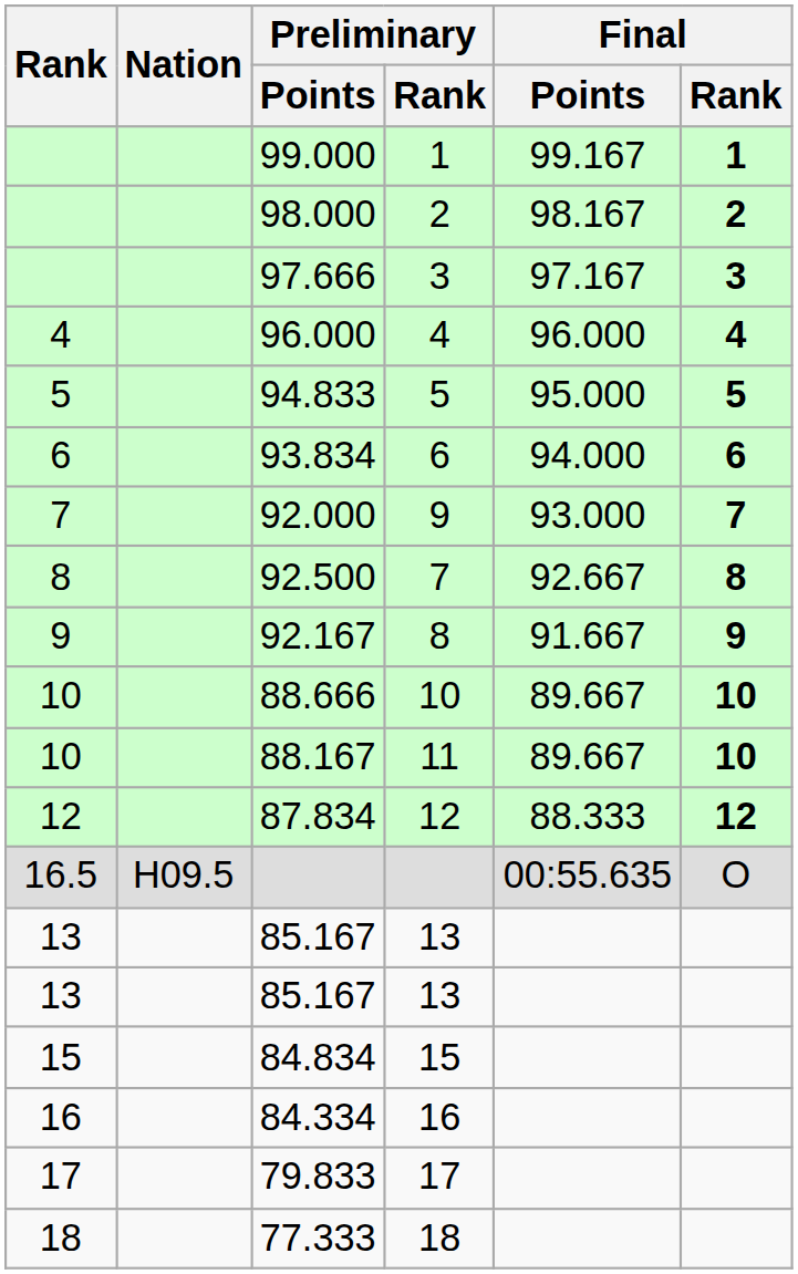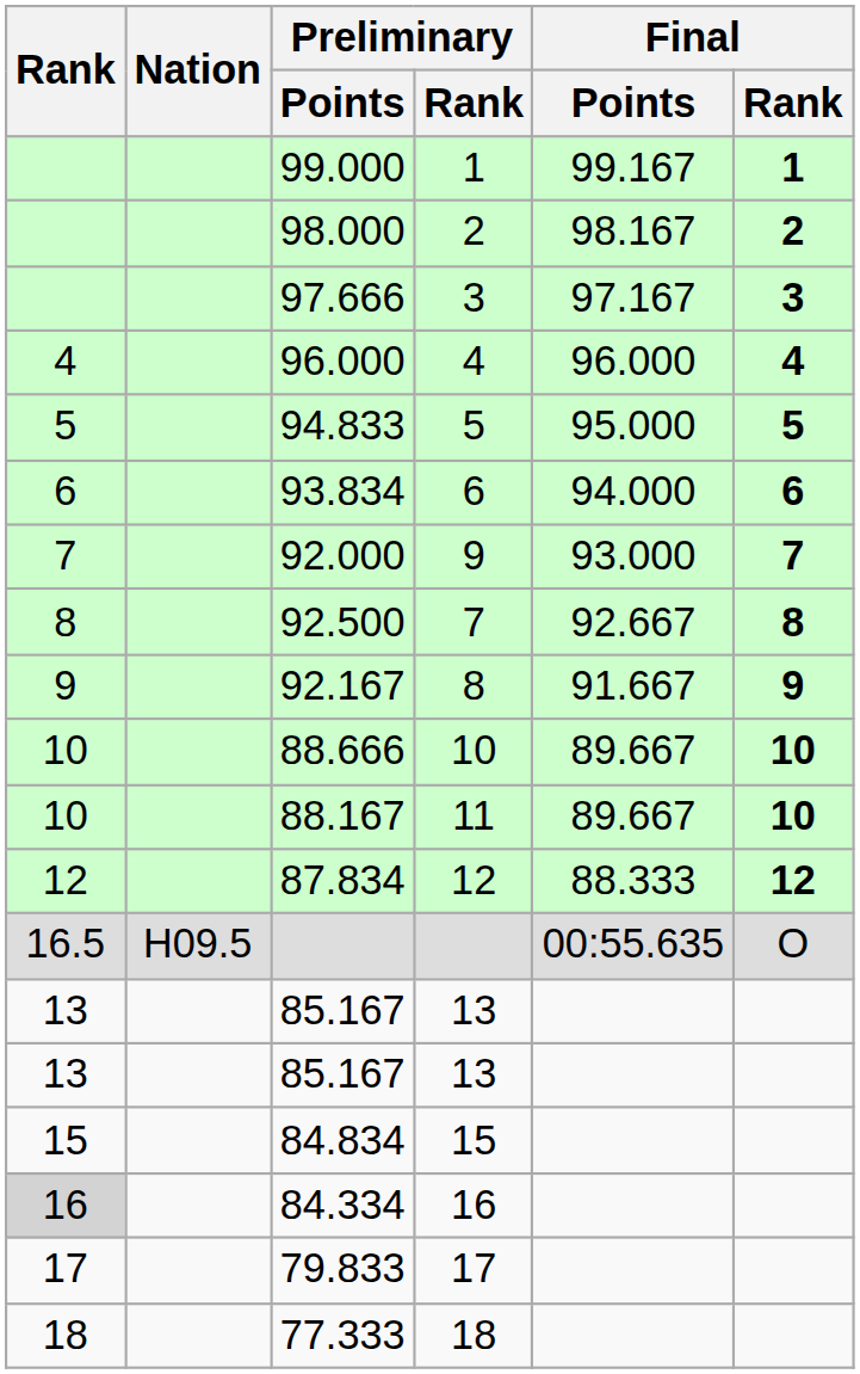 <table class="wikitable" style="text-align:center">
 <tr>
 <th rowspan="2">Rank</th>
 <th rowspan="2">Nation</th>
 <th colspan="2">Preliminary</th>
 <th colspan="2">Final</th>
 </tr>
 <tr>
 <th>Points</th>
 <th>Rank</th>
 <th>Points</th>
 <th>Rank</th>
 </tr>
 <tr bgcolor=ccffcc>
 <td></td>
 <td align=left></td>
 <td>99.000</td>
 <td>1</td>
 <td>99.167</td>
 <td><strong>1</strong></td>
 </tr>
 <tr bgcolor=ccffcc>
 <td></td>
 <td align=left></td>
 <td>98.000</td>
 <td>2</td>
 <td>98.167</td>
 <td><strong>2</strong></td>
 </tr>
 <tr bgcolor=ccffcc>
 <td></td>
 <td align=left></td>
 <td>97.666</td>
 <td>3</td>
 <td>97.167</td>
 <td><strong>3</strong></td>
 </tr>
 <tr bgcolor=ccffcc>
 <td>4</td>
 <td align=left></td>
 <td>96.000</td>
 <td>4</td>
 <td>96.000</td>
 <td><strong>4</strong></td>
 </tr>
 <tr bgcolor=ccffcc>
 <td>5</td>
 <td align=left></td>
 <td>94.833</td>
 <td>5</td>
 <td>95.000</td>
 <td><strong>5</strong></td>
 </tr>
 <tr bgcolor=ccffcc>
 <td>6</td>
 <td align=left></td>
 <td>93.834</td>
 <td>6</td>
 <td>94.000</td>
 <td><strong>6</strong></td>
 </tr>
 <tr bgcolor=ccffcc>
 <td>7</td>
 <td align=left></td>
 <td>92.000</td>
 <td>9</td>
 <td>93.000</td>
 <td><strong>7</strong></td>
 </tr>
 <tr bgcolor=ccffcc>
 <td>8</td>
 <td align=left></td>
 <td>92.500</td>
 <td>7</td>
 <td>92.667</td>
 <td><strong>8</strong></td>
 </tr>
 <tr bgcolor=ccffcc>
 <td>9</td>
 <td align=left></td>
 <td>92.167</td>
 <td>8</td>
 <td>91.667</td>
 <td><strong>9</strong></td>
 </tr>
 <tr bgcolor=ccffcc>
 <td>10</td>
 <td align=left></td>
 <td>88.666</td>
 <td>10</td>
 <td>89.667</td>
 <td><strong>10</strong></td>
 </tr>
 <tr bgcolor=ccffcc>
 <td>10</td>
 <td align=left></td>
 <td>88.167</td>
 <td>11</td>
 <td>89.667</td>
 <td><strong>10</strong></td>
 </tr>
 <tr bgcolor=ccffcc>
 <td>12</td>
 <td align=left></td>
 <td>87.834</td>
 <td>12</td>
 <td>88.333</td>
 <td><strong>12</strong></td>
 </tr>
 <tr bgcolor=#DDDDDD>
 <td><span>16.5</span></td>
 <td><span>H09.5</span></td>
 <td></td>
 <td></td>
 <td><span>00:55.635</span></td>
 <td><span>O</span></td>
 </tr>
 <tr>
 <td>13</td>
 <td align=left></td>
 <td>85.167</td>
 <td>13</td>
 <td></td>
 <td></td>
 </tr>
 <tr>
 <td>13</td>
 <td align=left></td>
 <td>85.167</td>
 <td>13</td>
 <td></td>
 <td></td>
 </tr>
 <tr>
 <td>15</td>
 <td align=left></td>
 <td>84.834</td>
 <td>15</td>
 <td></td>
 <td></td>
 </tr>
 <tr>
-<td>16</td>
+<td style="background: lightgrey;">16</td>
 <td align=left></td>
 <td>84.334</td>
 <td>16</td>
 <td></td>
 <td></td>
 </tr>
 <tr>
 <td>17</td>
 <td align=left></td>
 <td>79.833</td>
 <td>17</td>
 <td></td>
 <td></td>
 </tr>
 <tr>
 <td>18</td>
 <td align=left></td>
 <td>77.333</td>
 <td>18</td>
 <td></td>
 <td></td>
 </tr>
 </table>
